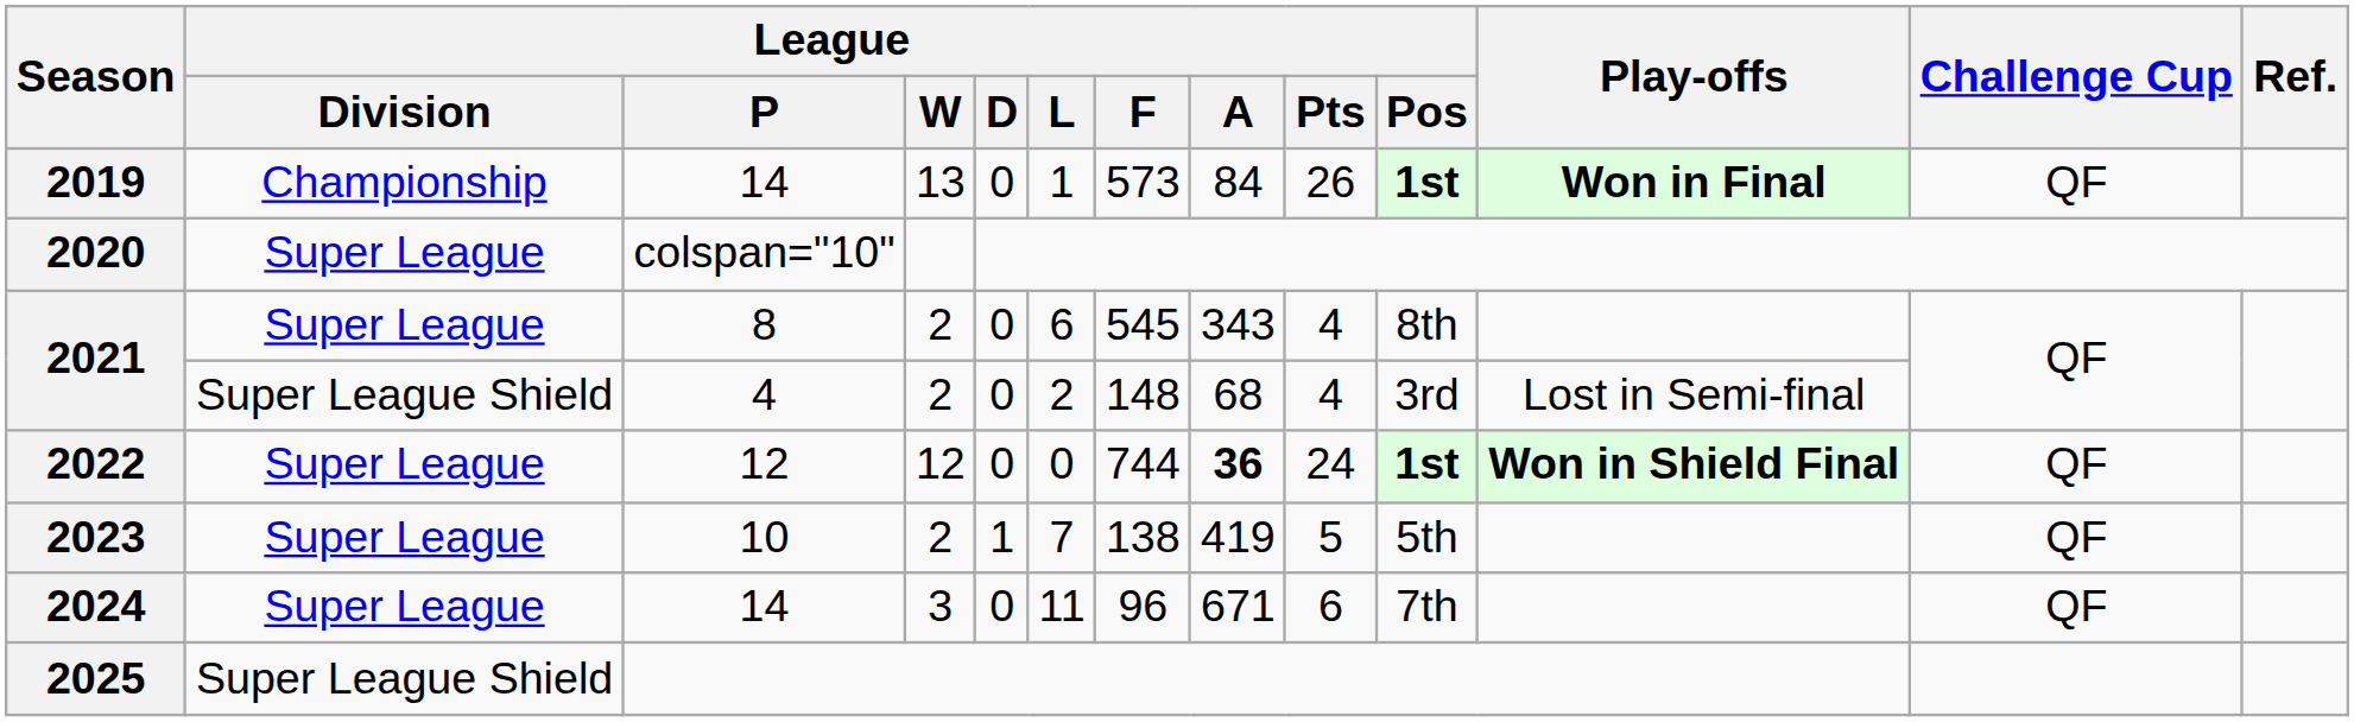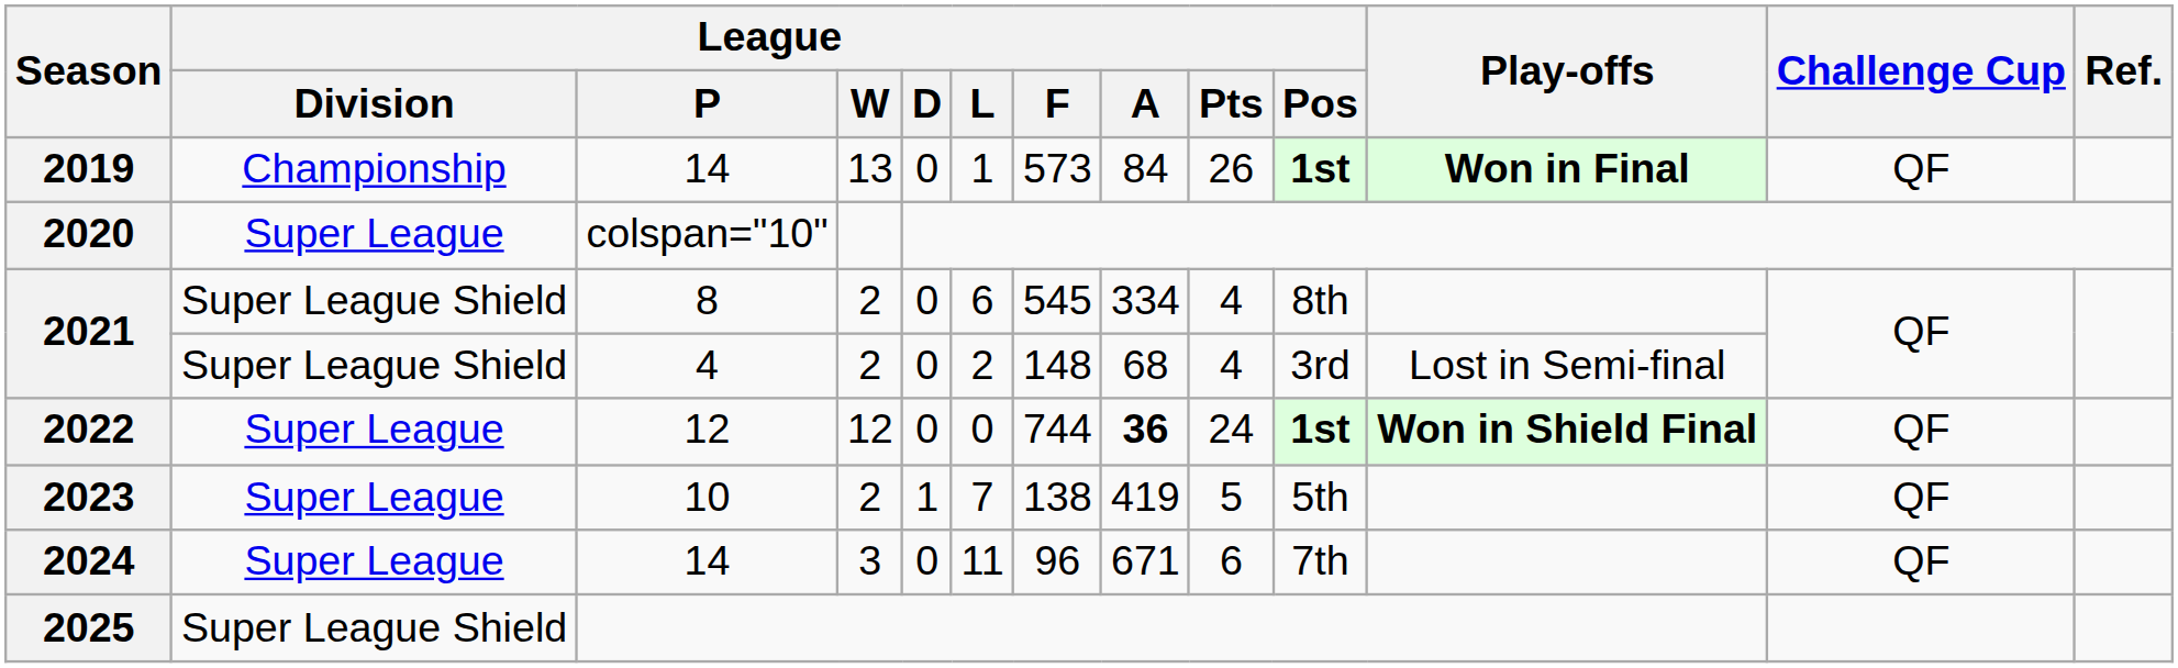 <table class="wikitable" style="text-align: center">
 <tr>
 <th rowspan="2" scope="col">Season</th>
 <th colspan="9" scope="col">League</th>
 <th rowspan="2" scope="col">Play-offs</th>
 <th rowspan="2" scope="col"><a href='#'>Challenge Cup</a></th>
 <th rowspan="2" scope="col">Ref.</th>
 </tr>
 <tr>
 <th scope="col">Division</th>
 <th scope="col">P</th>
 <th scope="col">W</th>
 <th scope="col">D</th>
 <th scope="col">L</th>
 <th scope="col">F</th>
 <th scope="col">A</th>
 <th scope="col">Pts</th>
 <th scope="col">Pos</th>
 </tr>
 <tr>
 <th scope="row">2019</th>
 <td><a href='#'>Championship</a></td>
 <td>14</td>
 <td>13</td>
 <td>0</td>
 <td>1</td>
 <td>573</td>
 <td>84</td>
 <td>26</td>
 <td style="background:#ddffdd;"><strong>1st</strong></td>
 <td style="background:#ddffdd;"><strong>Won in Final</strong></td>
 <td>QF</td>
 <td></td>
 </tr>
 <tr>
 <th scope="row">2020</th>
 <td><a href='#'>Super League</a></td>
 <td>colspan="10" </td>
 <td></td>
 </tr>
 <tr>
 <th scope="row" rowspan="2">2021</th>
-<td><a href='#'>Super League</a></td>
+<td>Super League Shield</td>
 <td>8</td>
 <td>2</td>
 <td>0</td>
 <td>6</td>
 <td>545</td>
-<td>343</td>
+<td>334</td>
 <td>4</td>
 <td>8th</td>
 <td></td>
 <td rowspan="2">QF</td>
 <td rowspan="2"></td>
 </tr>
 <tr>
 <td>Super League Shield</td>
 <td>4</td>
 <td>2</td>
 <td>0</td>
 <td>2</td>
 <td>148</td>
 <td>68</td>
 <td>4</td>
 <td>3rd</td>
 <td>Lost in Semi-final</td>
 </tr>
 <tr>
 <th scope="row">2022</th>
 <td><a href='#'>Super League</a></td>
 <td>12</td>
 <td>12</td>
 <td>0</td>
 <td>0</td>
 <td>744</td>
 <td><strong>36</strong></td>
 <td>24</td>
 <td style="background:#ddffdd;"><strong>1st</strong></td>
 <td style="background:#ddffdd;"><strong>Won in Shield Final</strong></td>
 <td>QF</td>
 <td></td>
 </tr>
 <tr>
 <th scope="row">2023</th>
 <td><a href='#'>Super League</a></td>
 <td>10</td>
 <td>2</td>
 <td>1</td>
 <td>7</td>
 <td>138</td>
 <td>419</td>
 <td>5</td>
 <td>5th</td>
 <td></td>
 <td>QF</td>
 <td></td>
 </tr>
 <tr>
 <th scope="row">2024</th>
 <td><a href='#'>Super League</a></td>
 <td>14</td>
 <td>3</td>
 <td>0</td>
 <td>11</td>
 <td>96</td>
 <td>671</td>
 <td>6</td>
 <td>7th</td>
 <td></td>
 <td>QF</td>
 <td></td>
 </tr>
 <tr>
 <th scope="row">2025</th>
 <td>Super League Shield</td>
 <td colspan=9></td>
 <td></td>
 <td></td>
 </tr>
 </table>
